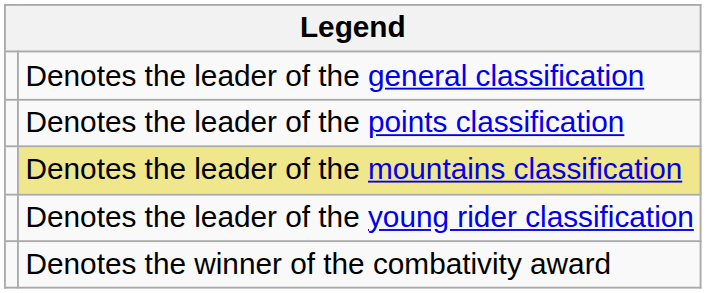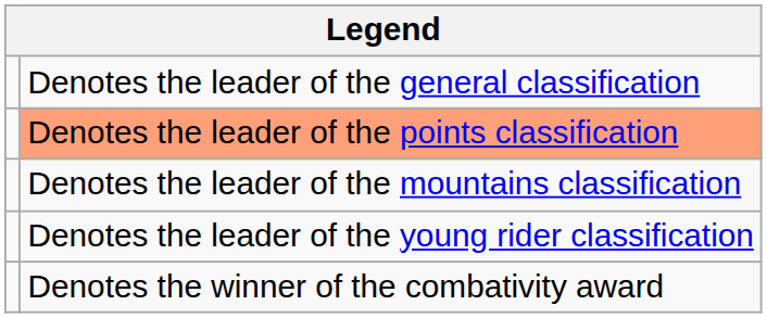 <table class="wikitable">
 <tr>
 <th scope="col" colspan="4">Legend</th>
 </tr>
 <tr>
 <td></td>
 <td>Denotes the leader of the <a href='#'>general classification</a></td>
 </tr>
 <tr>
 <td></td>
-<td>Denotes the leader of the <a href='#'>points classification</a></td>
+<td style="background: lightsalmon;">Denotes the leader of the <a href='#'>points classification</a></td>
 </tr>
 <tr>
 <td></td>
-<td style="background: khaki;">Denotes the leader of the <a href='#'>mountains classification</a></td>
+<td>Denotes the leader of the <a href='#'>mountains classification</a></td>
 </tr>
 <tr>
 <td></td>
 <td>Denotes the leader of the <a href='#'>young rider classification</a></td>
 </tr>
 <tr>
 <td></td>
 <td>Denotes the winner of the combativity award</td>
 </tr>
 </table>
